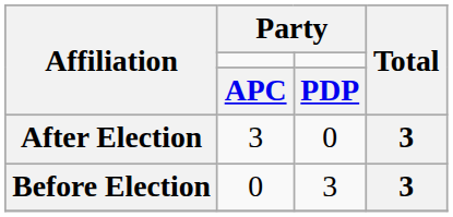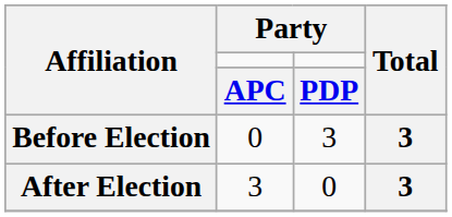 <table class="wikitable" style="text-align:center">
 <tr>
 <th rowspan="3">Affiliation</th>
 <th colspan="2">Party</th>
 <th rowspan="3">Total</th>
 </tr>
 <tr>
 <td style="background-color:"></td>
 <td style="background-color:"></td>
 </tr>
 <tr>
 <th><a href='#'>APC</a></th>
 <th><a href='#'>PDP</a></th>
 </tr>
 <tr>
+<th>Before Election</th>
+<td>0</td>
+<td>3</td>
+<th>3</th>
+</tr>
+<tr>
 <th>After Election</th>
 <td>3</td>
 <td>0</td>
 <th>3</th>
 </tr>
 <tr>
-<th>Before Election</th>
-<td>0</td>
-<td>3</td>
-<th>3</th>
-</tr>
-<tr>
 </tr>
 </table>
